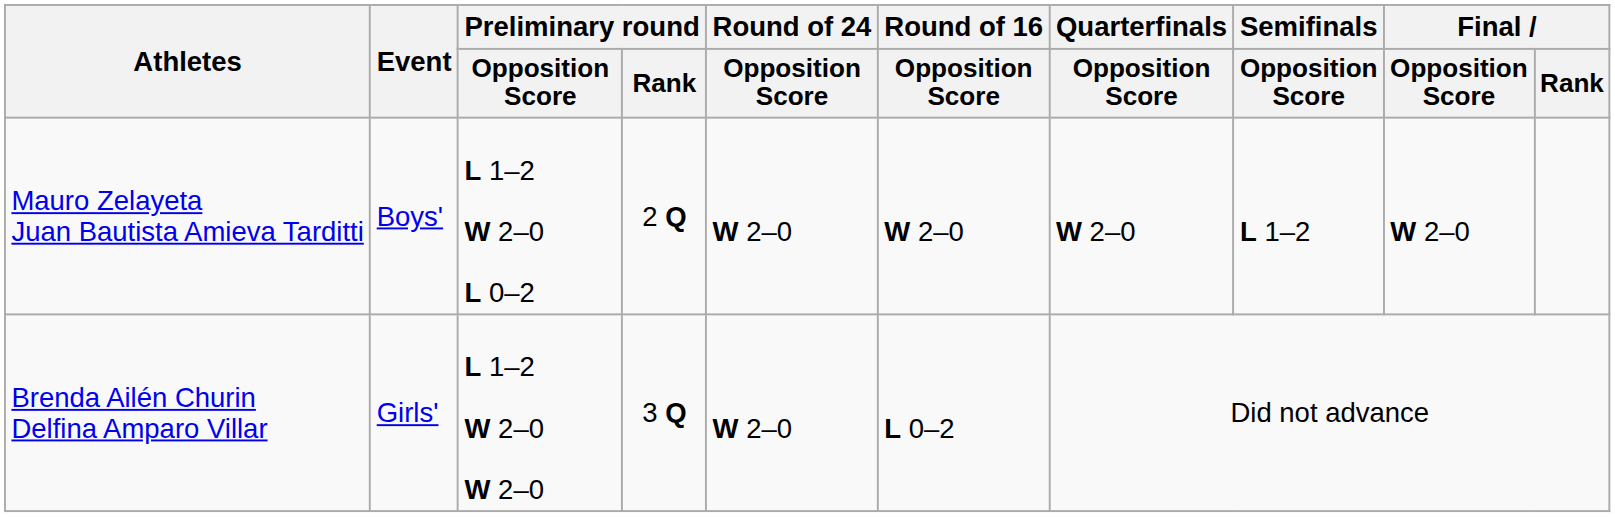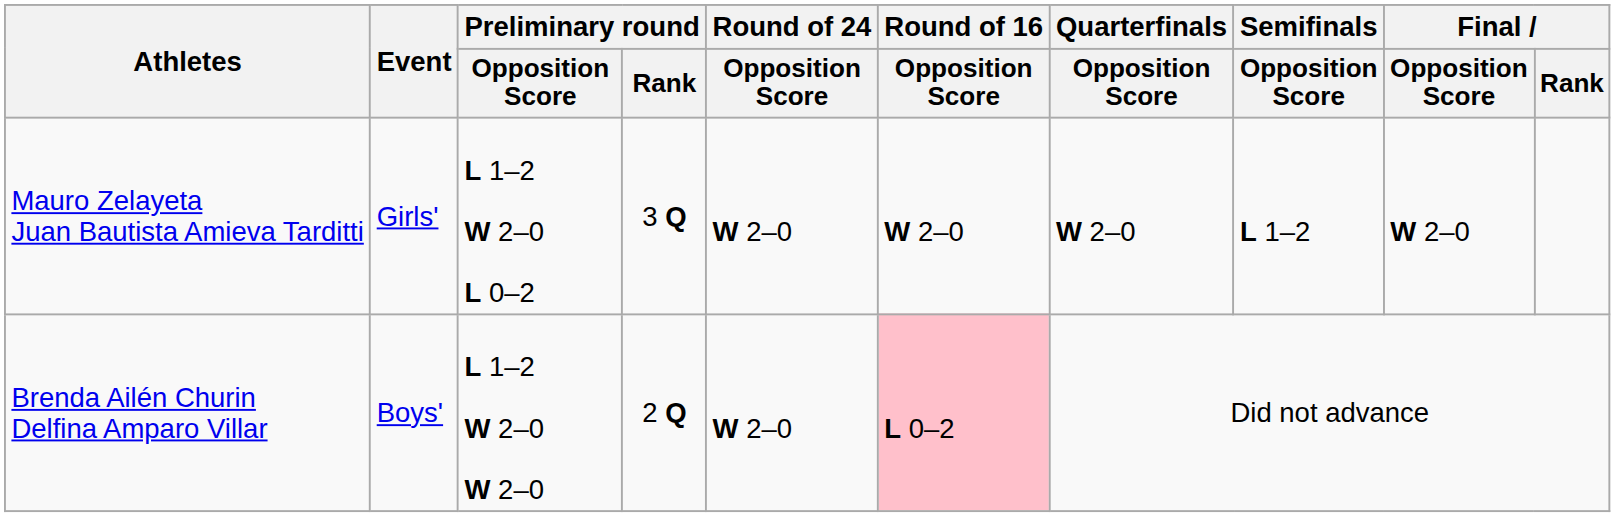 <table class=wikitable style="font-size:90%">
 <tr>
 <th rowspan=2>Athletes</th>
 <th rowspan=2>Event</th>
 <th colspan=2>Preliminary round</th>
 <th>Round of 24</th>
 <th>Round of 16</th>
 <th>Quarterfinals</th>
 <th>Semifinals</th>
 <th colspan=2>Final / </th>
 </tr>
 <tr style="font-size:95%">
 <th>Opposition<br>Score</th>
 <th>Rank</th>
 <th>Opposition<br>Score</th>
 <th>Opposition<br>Score</th>
 <th>Opposition<br>Score</th>
 <th>Opposition<br>Score</th>
 <th>Opposition<br>Score</th>
 <th>Rank</th>
 </tr>
 <tr align=center>
 <td align=left><a href='#'>Mauro Zelayeta</a><br><a href='#'>Juan Bautista Amieva Tarditti</a></td>
-<td align=left><a href='#'>Boys'</a></td>
+<td align=left><a href='#'>Girls'</a></td>
 <td align=left> <br><strong>L</strong> 1–2<br><br> <strong>W</strong> 2–0<br><br> <strong>L</strong> 0–2</td>
-<td>2 <strong>Q</strong></td>
+<td>3 <strong>Q</strong></td>
 <td align=left>   <br><strong>W</strong> 2–0</td>
 <td align=left> <br><strong>W</strong> 2–0</td>
 <td align=left> <br><strong>W</strong> 2–0</td>
 <td align=left><br> <strong>L</strong> 1–2</td>
 <td align=left><br><strong>W</strong> 2–0</td>
 <td></td>
 </tr>
 <tr align=center>
 <td align=left><a href='#'>Brenda Ailén Churin</a><br><a href='#'>Delfina Amparo Villar</a></td>
-<td align=left><a href='#'>Girls'</a></td>
+<td align=left><a href='#'>Boys'</a></td>
 <td align=left><br> <strong>L</strong> 1–2<br><br> <strong>W</strong> 2–0<br><br> <strong>W</strong> 2–0</td>
-<td>3 <strong>Q</strong></td>
+<td>2 <strong>Q</strong></td>
 <td align=left>  <br><strong>W</strong> 2–0</td>
-<td align=left>  <br><strong>L</strong> 0–2</td>
+<td align=left style="background: pink;">  <br><strong>L</strong> 0–2</td>
 <td colspan=4>Did not advance</td>
 </tr>
 </table>
